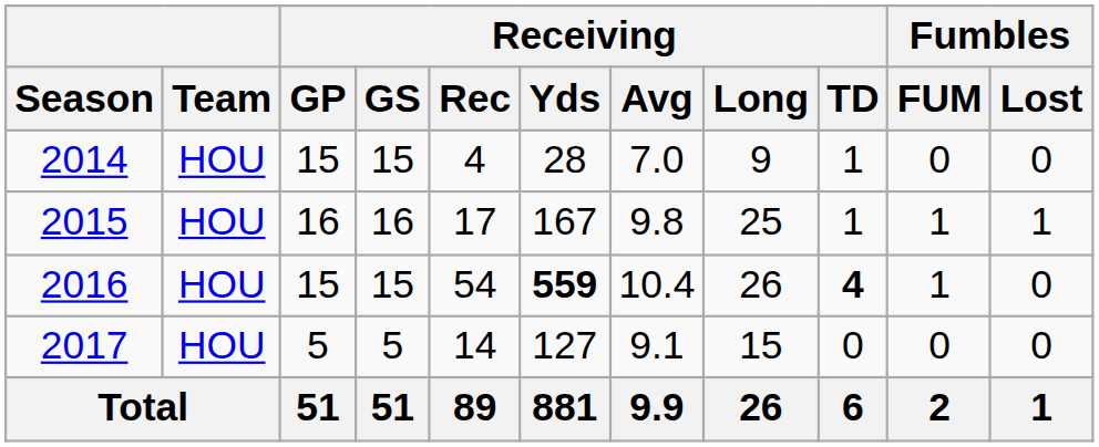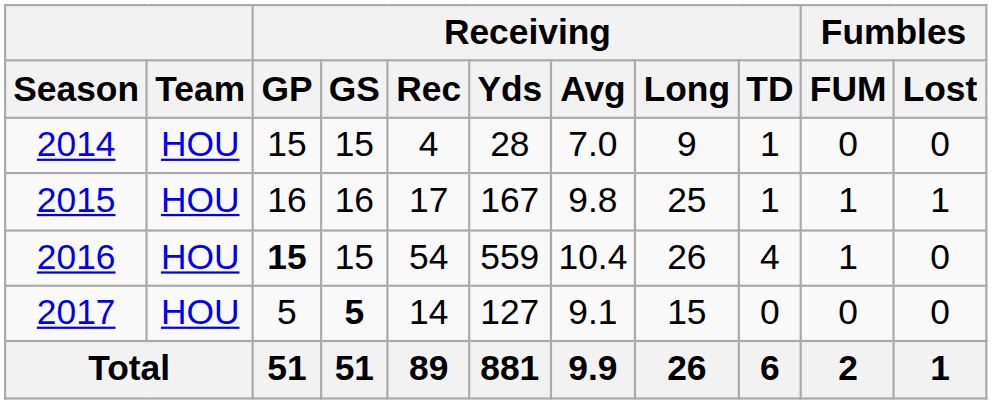 <table class="wikitable">
 <tr>
 <th colspan="2"> </th>
 <th colspan="7" style="text-align:center;">Receiving</th>
 <th colspan="2">Fumbles</th>
 </tr>
 <tr ||>
 <th>Season</th>
 <th>Team</th>
 <th>GP</th>
 <th>GS</th>
 <th>Rec</th>
 <th>Yds</th>
 <th>Avg</th>
 <th>Long</th>
 <th>TD</th>
 <th>FUM</th>
 <th>Lost</th>
 </tr>
 <tr style="text-align:center;">
 <td><a href='#'>2014</a></td>
 <td><a href='#'>HOU</a></td>
 <td>15</td>
 <td>15</td>
 <td>4</td>
 <td>28</td>
 <td>7.0</td>
 <td>9</td>
 <td>1</td>
 <td>0</td>
 <td>0</td>
 </tr>
 <tr style="text-align:center;">
 <td><a href='#'>2015</a></td>
 <td><a href='#'>HOU</a></td>
 <td>16</td>
 <td>16</td>
 <td>17</td>
 <td>167</td>
 <td>9.8</td>
 <td>25</td>
 <td>1</td>
 <td>1</td>
 <td>1</td>
 </tr>
 <tr style="text-align:center;">
 <td><a href='#'>2016</a></td>
 <td><a href='#'>HOU</a></td>
-<td>15</td>
+<td><strong>15</strong></td>
 <td>15</td>
 <td>54</td>
-<td><strong>559</strong></td>
+<td>559</td>
 <td>10.4</td>
 <td>26</td>
-<td><strong>4</strong></td>
+<td>4</td>
 <td>1</td>
 <td>0</td>
 </tr>
 <tr style="text-align:center;">
 <td><a href='#'>2017</a></td>
 <td><a href='#'>HOU</a></td>
 <td>5</td>
-<td>5</td>
+<td><strong>5</strong></td>
 <td>14</td>
 <td>127</td>
 <td>9.1</td>
 <td>15</td>
 <td>0</td>
 <td>0</td>
 <td>0</td>
 </tr>
 <tr>
 <th colspan="2">Total</th>
 <th>51</th>
 <th>51</th>
 <th>89</th>
 <th>881</th>
 <th>9.9</th>
 <th>26</th>
 <th>6</th>
 <th>2</th>
 <th>1</th>
 </tr>
 </table>
